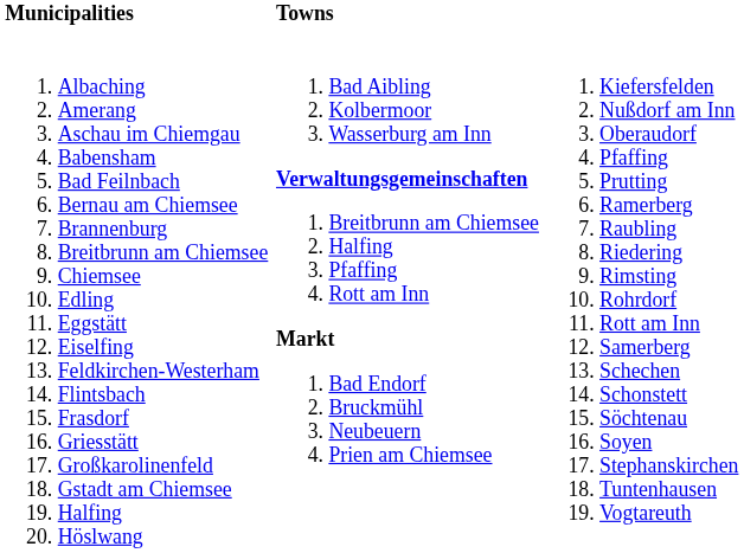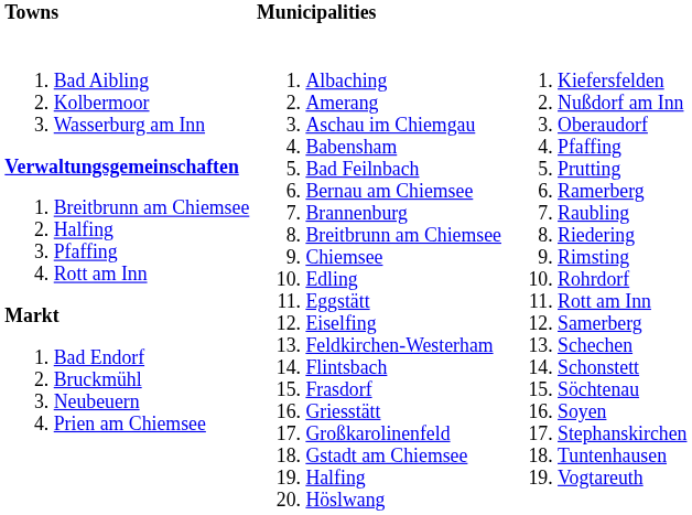 <table>
 <tr>
+<th align=left width=33%>Towns</th>
 <th align=left width=33%>Municipalities</th>
-<th align=left width=33%>Towns</th>
 <th align=left width=33%></th>
 </tr>
 <tr valign=top>
+<td><br><ol><li><a href='#'>Bad Aibling</a></li><li><a href='#'>Kolbermoor</a></li><li><a href='#'>Wasserburg am Inn</a></li></ol><strong><a href='#'>Verwaltungsgemeinschaften</a></strong><ol><li><a href='#'>Breitbrunn am Chiemsee</a></li><li><a href='#'>Halfing</a></li><li><a href='#'>Pfaffing</a></li><li><a href='#'>Rott am Inn</a></li></ol><strong>Markt</strong><ol><li><a href='#'>Bad Endorf</a></li><li><a href='#'>Bruckmühl</a></li><li><a href='#'>Neubeuern</a></li><li><a href='#'>Prien am Chiemsee</a></li></ol></td>
 <td><br><ol><li><a href='#'>Albaching</a></li><li><a href='#'>Amerang</a></li><li><a href='#'>Aschau im Chiemgau</a></li><li><a href='#'>Babensham</a></li><li><a href='#'>Bad Feilnbach</a></li><li><a href='#'>Bernau am Chiemsee</a></li><li><a href='#'>Brannenburg</a></li><li><a href='#'>Breitbrunn am Chiemsee</a></li><li><a href='#'>Chiemsee</a></li><li><a href='#'>Edling</a></li><li><a href='#'>Eggstätt</a></li><li><a href='#'>Eiselfing</a></li><li><a href='#'>Feldkirchen-Westerham</a></li><li><a href='#'>Flintsbach</a></li><li><a href='#'>Frasdorf</a></li><li><a href='#'>Griesstätt</a></li><li><a href='#'>Großkarolinenfeld</a></li><li><a href='#'>Gstadt am Chiemsee</a></li><li><a href='#'>Halfing</a></li><li><a href='#'>Höslwang</a></li></ol></td>
-<td><br><ol><li><a href='#'>Bad Aibling</a></li><li><a href='#'>Kolbermoor</a></li><li><a href='#'>Wasserburg am Inn</a></li></ol><strong><a href='#'>Verwaltungsgemeinschaften</a></strong><ol><li><a href='#'>Breitbrunn am Chiemsee</a></li><li><a href='#'>Halfing</a></li><li><a href='#'>Pfaffing</a></li><li><a href='#'>Rott am Inn</a></li></ol><strong>Markt</strong><ol><li><a href='#'>Bad Endorf</a></li><li><a href='#'>Bruckmühl</a></li><li><a href='#'>Neubeuern</a></li><li><a href='#'>Prien am Chiemsee</a></li></ol></td>
 <td><br><ol> <li> <a href='#'>Kiefersfelden</a> <li> <a href='#'>Nußdorf am Inn</a> <li> <a href='#'>Oberaudorf</a> <li> <a href='#'>Pfaffing</a> <li> <a href='#'>Prutting</a> <li> <a href='#'>Ramerberg</a> <li> <a href='#'>Raubling</a> <li> <a href='#'>Riedering</a> <li> <a href='#'>Rimsting</a> <li> <a href='#'>Rohrdorf</a> <li> <a href='#'>Rott am Inn</a> <li> <a href='#'>Samerberg</a> <li> <a href='#'>Schechen</a> <li> <a href='#'>Schonstett</a> <li> <a href='#'>Söchtenau</a> <li> <a href='#'>Soyen</a> <li> <a href='#'>Stephanskirchen</a> <li> <a href='#'>Tuntenhausen</a> <li> <a href='#'>Vogtareuth</a> </ol></td>
 </tr>
 </table>
